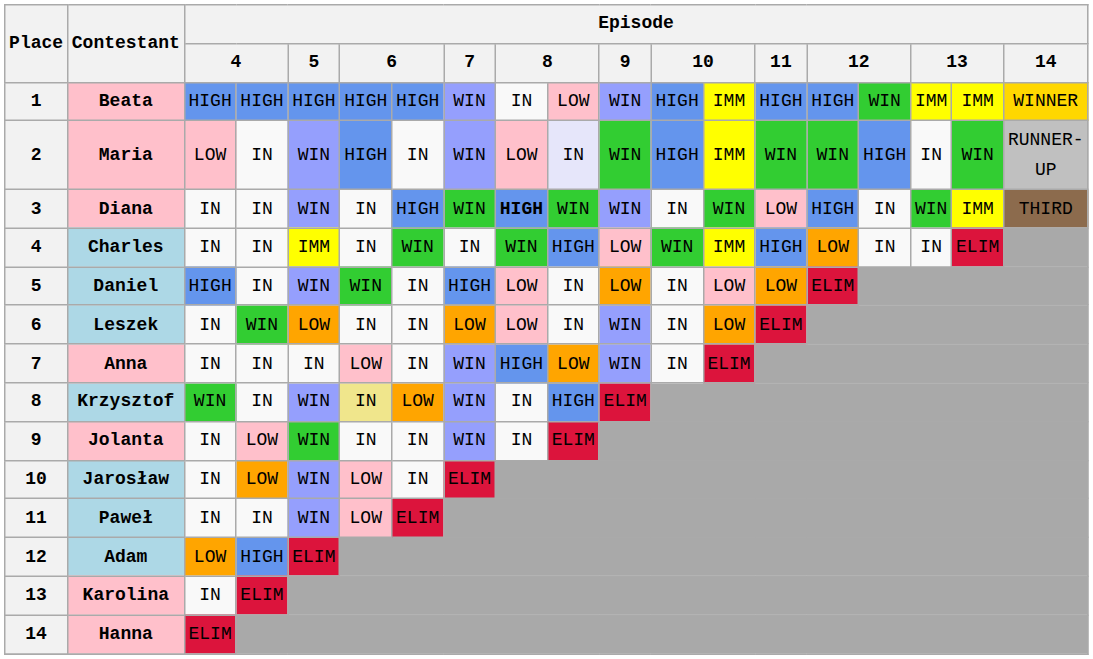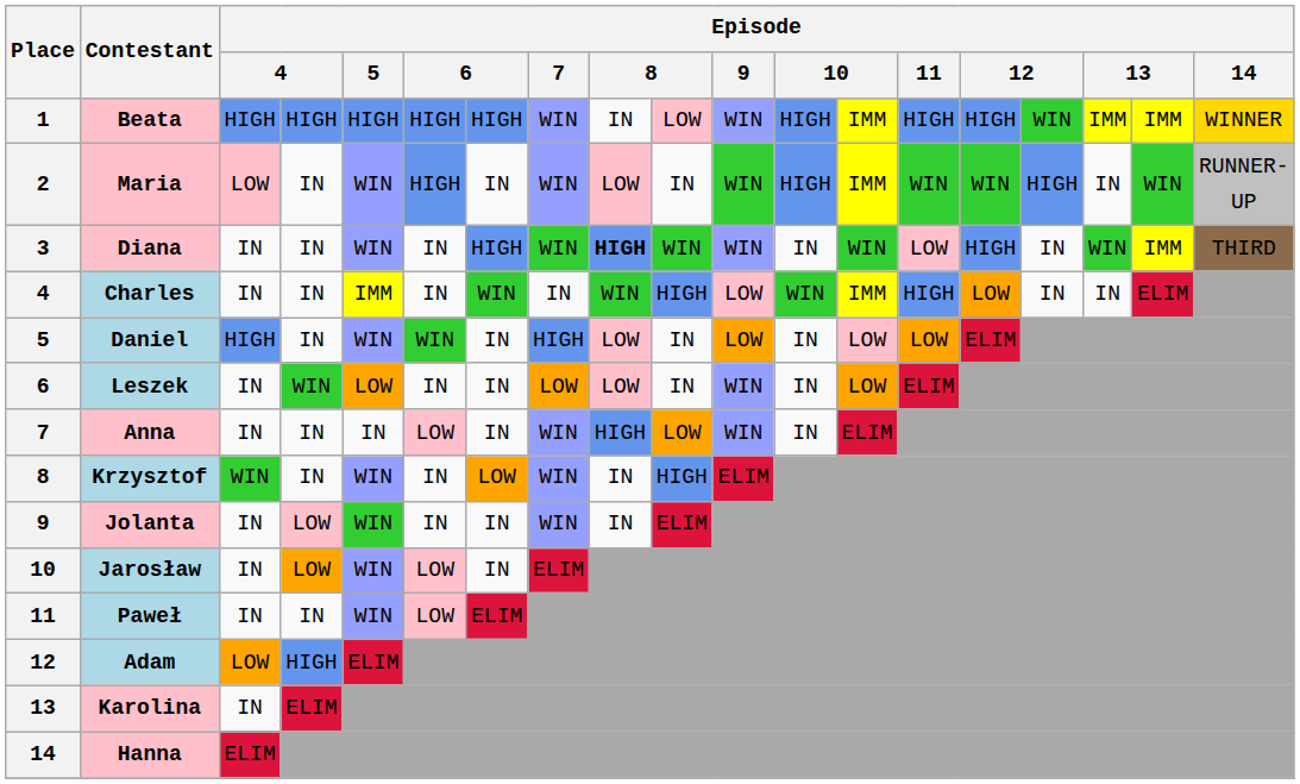 <table class="wikitable" style="text-align: center; font-size: 9pt; line-height:20px;">
 <tr>
 <th rowspan="2">Place</th>
 <th rowspan="2">Contestant</th>
 <th colspan="17">Episode</th>
 </tr>
 <tr>
 <th colspan="2">4</th>
 <th colspan="1">5</th>
 <th colspan="2">6</th>
 <th colspan="1">7</th>
 <th colspan="2">8</th>
 <th colspan="1">9</th>
 <th colspan="2">10</th>
 <th>11</th>
 <th colspan="2">12</th>
 <th colspan="2">13</th>
 <th colspan="1">14</th>
 </tr>
 <tr>
 <th>1</th>
 <th style="background:pink">Beata</th>
 <td bgcolor=cornflowerblue>HIGH</td>
 <td bgcolor=cornflowerblue>HIGH</td>
 <td bgcolor=cornflowerblue>HIGH</td>
 <td bgcolor=cornflowerblue>HIGH</td>
 <td bgcolor=cornflowerblue>HIGH</td>
 <td bgcolor=#959FFD>WIN</td>
 <td>IN</td>
 <td bgcolor=pink>LOW</td>
 <td bgcolor=#959FFD>WIN</td>
 <td bgcolor=cornflowerblue>HIGH</td>
 <td bgcolor=yellow>IMM</td>
 <td bgcolor=cornflowerblue>HIGH</td>
 <td bgcolor=cornflowerblue>HIGH</td>
 <td bgcolor=limegreen>WIN</td>
 <td bgcolor=yellow>IMM</td>
 <td bgcolor=yellow>IMM</td>
 <td bgcolor=gold>WINNER</td>
 </tr>
 <tr>
 <th>2</th>
 <th style="background:pink">Maria</th>
 <td bgcolor=pink>LOW</td>
 <td>IN</td>
 <td bgcolor=#959FFD>WIN</td>
 <td bgcolor=cornflowerblue>HIGH</td>
 <td>IN</td>
 <td bgcolor=#959FFD>WIN</td>
 <td bgcolor=pink>LOW</td>
-<td style="background: lavender;">IN</td>
+<td>IN</td>
 <td bgcolor=limegreen>WIN</td>
 <td bgcolor=cornflowerblue>HIGH</td>
 <td bgcolor=yellow>IMM</td>
 <td bgcolor=limegreen>WIN</td>
 <td bgcolor=limegreen>WIN</td>
 <td bgcolor=cornflowerblue>HIGH</td>
 <td>IN</td>
 <td bgcolor=limegreen>WIN</td>
 <td bgcolor=silver>RUNNER-UP</td>
 </tr>
 <tr>
 <th>3</th>
 <th style="background:pink">Diana</th>
 <td>IN</td>
 <td>IN</td>
 <td bgcolor=#959FFD>WIN</td>
 <td>IN</td>
 <td bgcolor=cornflowerblue>HIGH</td>
 <td bgcolor=limegreen>WIN</td>
 <td bgcolor=cornflowerblue><strong>HIGH</strong></td>
 <td bgcolor=limegreen>WIN</td>
 <td bgcolor=#959FFD>WIN</td>
 <td>IN</td>
 <td bgcolor=limegreen>WIN</td>
 <td bgcolor=pink>LOW</td>
 <td bgcolor=cornflowerblue>HIGH</td>
 <td>IN</td>
 <td bgcolor=limegreen>WIN</td>
 <td bgcolor=yellow>IMM</td>
 <td bgcolor=#8c6b4d>THIRD</td>
 </tr>
 <tr>
 <th>4</th>
 <th style="background:lightblue">Charles</th>
 <td>IN</td>
 <td>IN</td>
 <td bgcolor=yellow>IMM</td>
 <td>IN</td>
 <td bgcolor=limegreen>WIN</td>
 <td>IN</td>
 <td bgcolor=limegreen>WIN</td>
 <td bgcolor=cornflowerblue>HIGH</td>
 <td bgcolor=pink>LOW</td>
 <td bgcolor=limegreen>WIN</td>
 <td bgcolor=yellow>IMM</td>
 <td bgcolor=cornflowerblue>HIGH</td>
 <td bgcolor=orange>LOW</td>
 <td>IN</td>
 <td>IN</td>
 <td bgcolor=crimson>ELIM</td>
 <td bgcolor="darkgrey"></td>
 </tr>
 <tr>
 <th>5</th>
 <th style="background:lightblue">Daniel</th>
 <td bgcolor=cornflowerblue>HIGH</td>
 <td>IN</td>
 <td bgcolor=#959FFD>WIN</td>
 <td bgcolor=limegreen>WIN</td>
 <td>IN</td>
 <td bgcolor=cornflowerblue>HIGH</td>
 <td bgcolor=pink>LOW</td>
 <td>IN</td>
 <td bgcolor=orange>LOW</td>
 <td>IN</td>
 <td bgcolor=pink>LOW</td>
 <td bgcolor=orange>LOW</td>
 <td bgcolor=crimson>ELIM</td>
 <td colspan="4" bgcolor="darkgrey"></td>
 </tr>
 <tr>
 <th>6</th>
 <th style="background:lightblue">Leszek</th>
 <td>IN</td>
 <td bgcolor=limegreen>WIN</td>
 <td bgcolor=orange>LOW</td>
 <td>IN</td>
 <td>IN</td>
 <td bgcolor=orange>LOW</td>
 <td bgcolor=pink>LOW</td>
 <td>IN</td>
 <td bgcolor=#959FFD>WIN</td>
 <td>IN</td>
 <td bgcolor=orange>LOW</td>
 <td bgcolor=crimson>ELIM</td>
 <td colspan="5" bgcolor="darkgrey"></td>
 </tr>
 <tr>
 <th>7</th>
 <th style="background:pink">Anna</th>
 <td>IN</td>
 <td>IN</td>
 <td>IN</td>
 <td bgcolor=Pink>LOW</td>
 <td>IN</td>
 <td bgcolor=#959FFD>WIN</td>
 <td bgcolor=cornflowerblue>HIGH</td>
 <td bgcolor=orange>LOW</td>
 <td bgcolor=#959FFD>WIN</td>
 <td>IN</td>
 <td bgcolor=crimson>ELIM</td>
 <td colspan="6" bgcolor="darkgrey"></td>
 </tr>
 <tr>
 <th>8</th>
 <th style="background:lightblue">Krzysztof</th>
 <td bgcolor=limegreen>WIN</td>
 <td>IN</td>
 <td bgcolor=#959FFD>WIN</td>
-<td style="background: khaki;">IN</td>
+<td>IN</td>
 <td bgcolor=orange>LOW</td>
 <td bgcolor=#959FFD>WIN</td>
 <td>IN</td>
 <td bgcolor=cornflowerblue>HIGH</td>
 <td bgcolor=crimson>ELIM</td>
 <td colspan="8" bgcolor="darkgrey"></td>
 </tr>
 <tr>
 <th>9</th>
 <th style="background:pink">Jolanta</th>
 <td>IN</td>
 <td bgcolor=pink>LOW</td>
 <td bgcolor=limegreen>WIN</td>
 <td>IN</td>
 <td>IN</td>
 <td bgcolor=#959FFD>WIN</td>
 <td>IN</td>
 <td bgcolor=crimson>ELIM</td>
 <td colspan="9" bgcolor="darkgrey"></td>
 </tr>
 <tr>
 <th>10</th>
 <th style="background:lightblue">Jarosław</th>
 <td>IN</td>
 <td bgcolor=orange>LOW</td>
 <td bgcolor=#959FFD>WIN</td>
 <td bgcolor=pink>LOW</td>
 <td>IN</td>
 <td bgcolor=crimson>ELIM</td>
 <td colspan="11" bgcolor="darkgrey"></td>
 </tr>
 <tr>
 <th>11</th>
 <th style="background:lightblue">Paweł</th>
 <td>IN</td>
 <td>IN</td>
 <td bgcolor=#959FFD>WIN</td>
 <td bgcolor=pink>LOW</td>
 <td bgcolor=crimson>ELIM</td>
 <td colspan="12" bgcolor="darkgrey"></td>
 </tr>
 <tr>
 <th>12</th>
 <th style="background:lightblue">Adam</th>
 <td bgcolor=orange>LOW</td>
 <td bgcolor=cornflowerblue>HIGH</td>
 <td bgcolor=crimson>ELIM</td>
 <td colspan="14" bgcolor="darkgrey"></td>
 </tr>
 <tr>
 <th>13</th>
 <th style="background:pink">Karolina</th>
 <td>IN</td>
 <td bgcolor=crimson>ELIM</td>
 <td colspan="15" bgcolor="darkgrey"></td>
 </tr>
 <tr>
 <th>14</th>
 <th style="background:pink">Hanna</th>
 <td bgcolor=crimson>ELIM</td>
 <td colspan="16" bgcolor="darkgrey"></td>
 </tr>
 <tr>
 </tr>
 </table>
